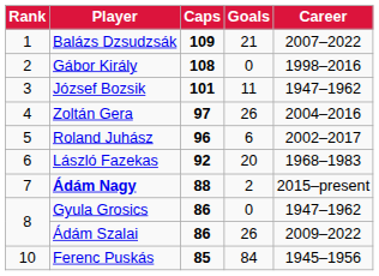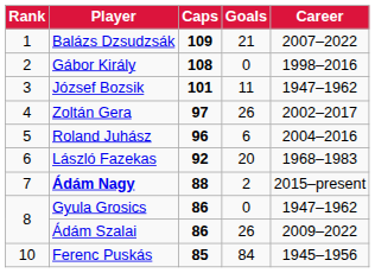 <table class="wikitable sortable" style="text-align:center;">
 <tr>
 <th style="background-color:#DC143C; color:white; ">Rank</th>
 <th style="background-color:#DC143C; color:white; ">Player</th>
 <th style="background-color:#DC143C; color:white; ">Caps</th>
 <th style="background-color:#DC143C; color:white; ">Goals</th>
 <th style="background-color:#DC143C; color:white; ">Career</th>
 </tr>
 <tr>
 <td>1</td>
 <td align="left"><a href='#'>Balázs Dzsudzsák</a></td>
 <td><strong>109</strong></td>
 <td>21</td>
 <td>2007–2022</td>
 </tr>
 <tr>
 <td>2</td>
 <td align="left"><a href='#'>Gábor Király</a></td>
 <td><strong>108</strong></td>
 <td>0</td>
 <td>1998–2016</td>
 </tr>
 <tr>
 <td>3</td>
 <td align="left"><a href='#'>József Bozsik</a></td>
 <td><strong>101</strong></td>
 <td>11</td>
 <td>1947–1962</td>
 </tr>
 <tr>
 <td>4</td>
 <td align="left"><a href='#'>Zoltán Gera</a></td>
 <td><strong>97</strong></td>
 <td>26</td>
-<td>2004–2016</td>
+<td>2002–2017</td>
 </tr>
 <tr>
 <td>5</td>
 <td align="left"><a href='#'>Roland Juhász</a></td>
 <td><strong>96</strong></td>
 <td>6</td>
-<td>2002–2017</td>
+<td>2004–2016</td>
 </tr>
 <tr>
 <td>6</td>
 <td align="left"><a href='#'>László Fazekas</a></td>
 <td><strong>92</strong></td>
 <td>20</td>
 <td>1968–1983</td>
 </tr>
 <tr>
 <td>7</td>
 <td align="left"><strong><a href='#'>Ádám Nagy</a></strong></td>
 <td><strong>88</strong></td>
 <td>2</td>
 <td>2015–present</td>
 </tr>
 <tr>
 <td rowspan=2>8</td>
 <td align="left"><a href='#'>Gyula Grosics</a></td>
 <td><strong>86</strong></td>
 <td>0</td>
 <td>1947–1962</td>
 </tr>
 <tr>
 <td align="left"><a href='#'>Ádám Szalai</a></td>
 <td><strong>86</strong></td>
 <td>26</td>
 <td>2009–2022</td>
 </tr>
 <tr>
 <td>10</td>
 <td align="left"><a href='#'>Ferenc Puskás</a></td>
 <td><strong>85</strong></td>
 <td>84</td>
 <td>1945–1956</td>
 </tr>
 </table>
